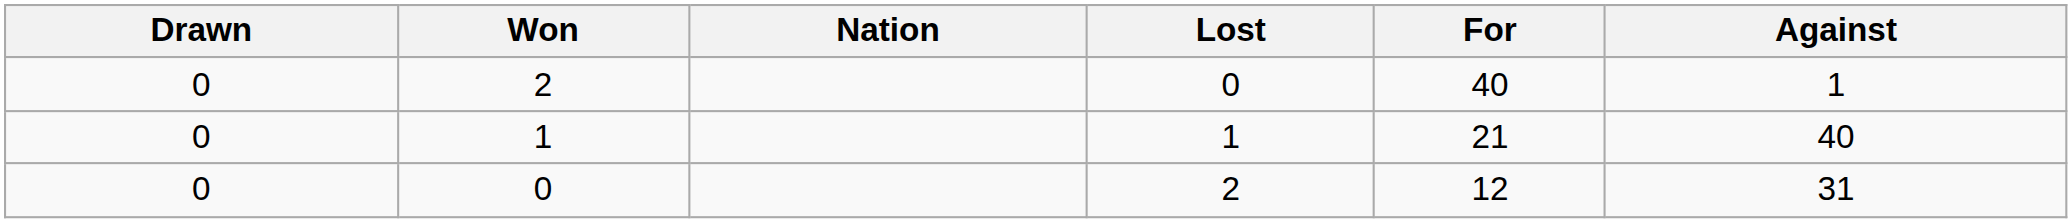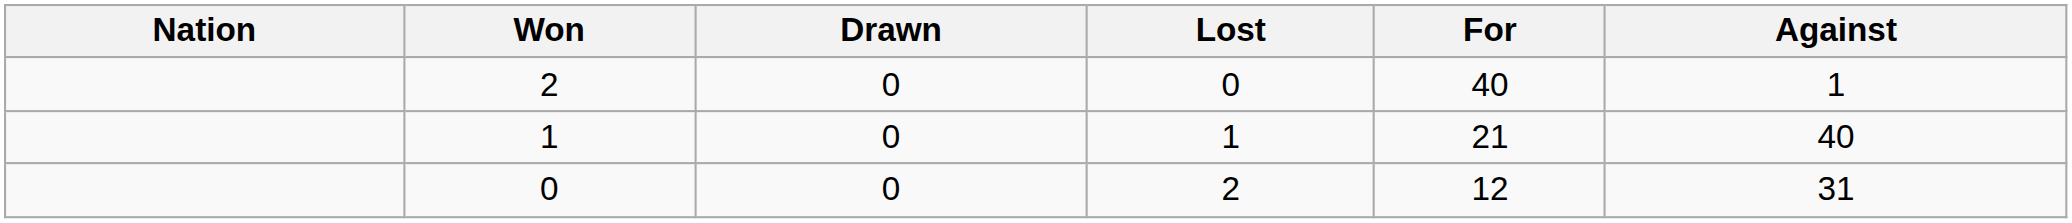 <table class="wikitable" style="width:50%;text-align:center">
 <tr>
+<th>Nation</th>
+<th>Won</th>
 <th>Drawn</th>
-<th>Won</th>
-<th>Nation</th>
 <th>Lost</th>
 <th>For</th>
 <th>Against</th>
 </tr>
 <tr>
+<td align=left></td>
+<td>2</td>
 <td>0</td>
-<td>2</td>
-<td align=left></td>
 <td>0</td>
 <td>40</td>
 <td>1</td>
 </tr>
 <tr>
+<td align=left></td>
+<td>1</td>
 <td>0</td>
-<td>1</td>
-<td align=left></td>
 <td>1</td>
 <td>21</td>
 <td>40</td>
 </tr>
 <tr>
+<td align=left></td>
 <td>0</td>
 <td>0</td>
-<td align=left></td>
 <td>2</td>
 <td>12</td>
 <td>31</td>
 </tr>
 </table>
